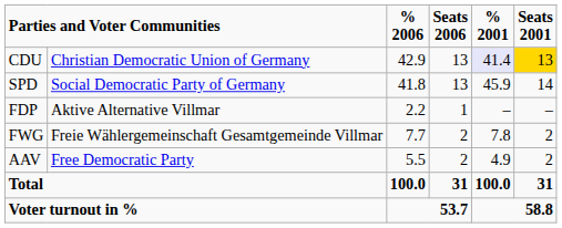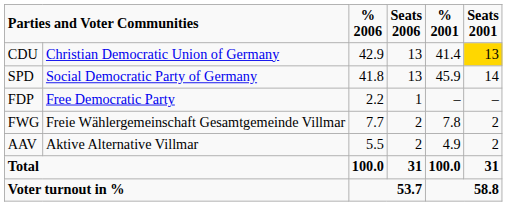 <table class="wikitable">
 <tr --  class="hintergrundfarbe5">
 <td colspan="2"><strong>Parties and Voter Communities</strong></td>
 <td align="center"><strong>%<br>2006</strong></td>
 <td align="center"><strong>Seats<br>2006</strong></td>
 <td align="center"><strong>%<br>2001</strong></td>
 <td align="center"><strong>Seats<br>2001</strong></td>
 </tr>
 <tr --->
 <td>CDU</td>
 <td><a href='#'>Christian Democratic Union of Germany</a></td>
 <td align="right">42.9</td>
 <td align="right">13</td>
-<td align="right" style="background: lavender;">41.4</td>
+<td align="right">41.4</td>
 <td align="right" style="background: gold;">13</td>
 </tr>
 <tr --->
 <td>SPD</td>
 <td><a href='#'>Social Democratic Party of Germany</a></td>
 <td align="right">41.8</td>
 <td align="right">13</td>
 <td align="right">45.9</td>
 <td align="right">14</td>
 </tr>
 <tr --->
 <td>FDP</td>
-<td>Aktive Alternative Villmar</td>
+<td><a href='#'>Free Democratic Party</a></td>
 <td align="right">2.2</td>
 <td align="right">1</td>
 <td align="right">–</td>
 <td align="right">–</td>
 </tr>
 <tr --->
 <td>FWG</td>
 <td>Freie Wählergemeinschaft Gesamtgemeinde Villmar</td>
 <td align="right">7.7</td>
 <td align="right">2</td>
 <td align="right">7.8</td>
 <td align="right">2</td>
 </tr>
 <tr --->
 <td>AAV</td>
-<td><a href='#'>Free Democratic Party</a></td>
+<td>Aktive Alternative Villmar</td>
 <td align="right">5.5</td>
 <td align="right">2</td>
 <td align="right">4.9</td>
 <td align="right">2</td>
 </tr>
 <tr -- class="hintergrundfarbe5">
 <td colspan="2"><strong>Total</strong></td>
 <td align="right"><strong>100.0</strong></td>
 <td align="right"><strong>31</strong></td>
 <td align="right"><strong>100.0</strong></td>
 <td align="right"><strong>31</strong></td>
 </tr>
 <tr -- class="hintergrundfarbe5">
 <td colspan="2"><strong>Voter turnout in %</strong></td>
 <td colspan="2" align="right"><strong>53.7</strong></td>
 <td colspan="2" align="right"><strong>58.8</strong></td>
 </tr>
 </table>
